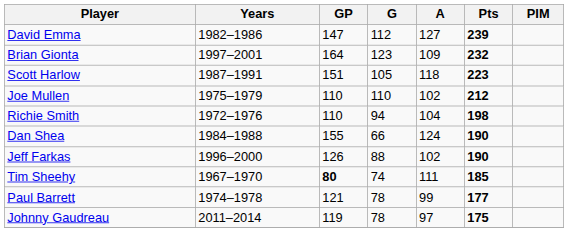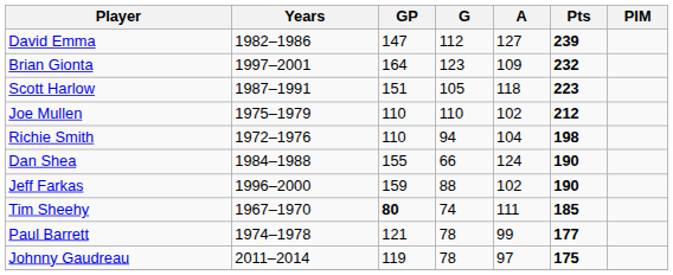 <table class="wikitable sortable" width ="700">
 <tr>
 <th>Player</th>
 <th>Years</th>
 <th>GP</th>
 <th>G</th>
 <th>A</th>
 <th>Pts</th>
 <th>PIM</th>
 </tr>
 <tr>
 <td><a href='#'>David Emma</a></td>
 <td>1982–1986</td>
 <td>147</td>
 <td>112</td>
 <td>127</td>
 <td><strong>239</strong></td>
 <td></td>
 </tr>
 <tr>
 <td><a href='#'>Brian Gionta</a></td>
 <td>1997–2001</td>
 <td>164</td>
 <td>123</td>
 <td>109</td>
 <td><strong>232</strong></td>
 <td></td>
 </tr>
 <tr>
 <td><a href='#'>Scott Harlow</a></td>
 <td>1987–1991</td>
 <td>151</td>
 <td>105</td>
 <td>118</td>
 <td><strong>223</strong></td>
 <td></td>
 </tr>
 <tr>
 <td><a href='#'>Joe Mullen</a></td>
 <td>1975–1979</td>
 <td>110</td>
 <td>110</td>
 <td>102</td>
 <td><strong>212</strong></td>
 <td></td>
 </tr>
 <tr>
 <td><a href='#'>Richie Smith</a></td>
 <td>1972–1976</td>
 <td>110</td>
 <td>94</td>
 <td>104</td>
 <td><strong>198</strong></td>
 <td></td>
 </tr>
 <tr>
 <td><a href='#'>Dan Shea</a></td>
 <td>1984–1988</td>
 <td>155</td>
 <td>66</td>
 <td>124</td>
 <td><strong>190</strong></td>
 <td></td>
 </tr>
 <tr>
 <td><a href='#'>Jeff Farkas</a></td>
 <td>1996–2000</td>
-<td>126</td>
+<td>159</td>
 <td>88</td>
 <td>102</td>
 <td><strong>190</strong></td>
 <td></td>
 </tr>
 <tr>
 <td><a href='#'>Tim Sheehy</a></td>
 <td>1967–1970</td>
 <td><strong>80</strong></td>
 <td>74</td>
 <td>111</td>
 <td><strong>185</strong></td>
 <td></td>
 </tr>
 <tr>
 <td><a href='#'>Paul Barrett</a></td>
 <td>1974–1978</td>
 <td>121</td>
 <td>78</td>
 <td>99</td>
 <td><strong>177</strong></td>
 <td></td>
 </tr>
 <tr>
 <td><a href='#'>Johnny Gaudreau</a></td>
 <td>2011–2014</td>
 <td>119</td>
 <td>78</td>
 <td>97</td>
 <td><strong>175</strong></td>
 <td></td>
 </tr>
 <tr>
 </tr>
 </table>
